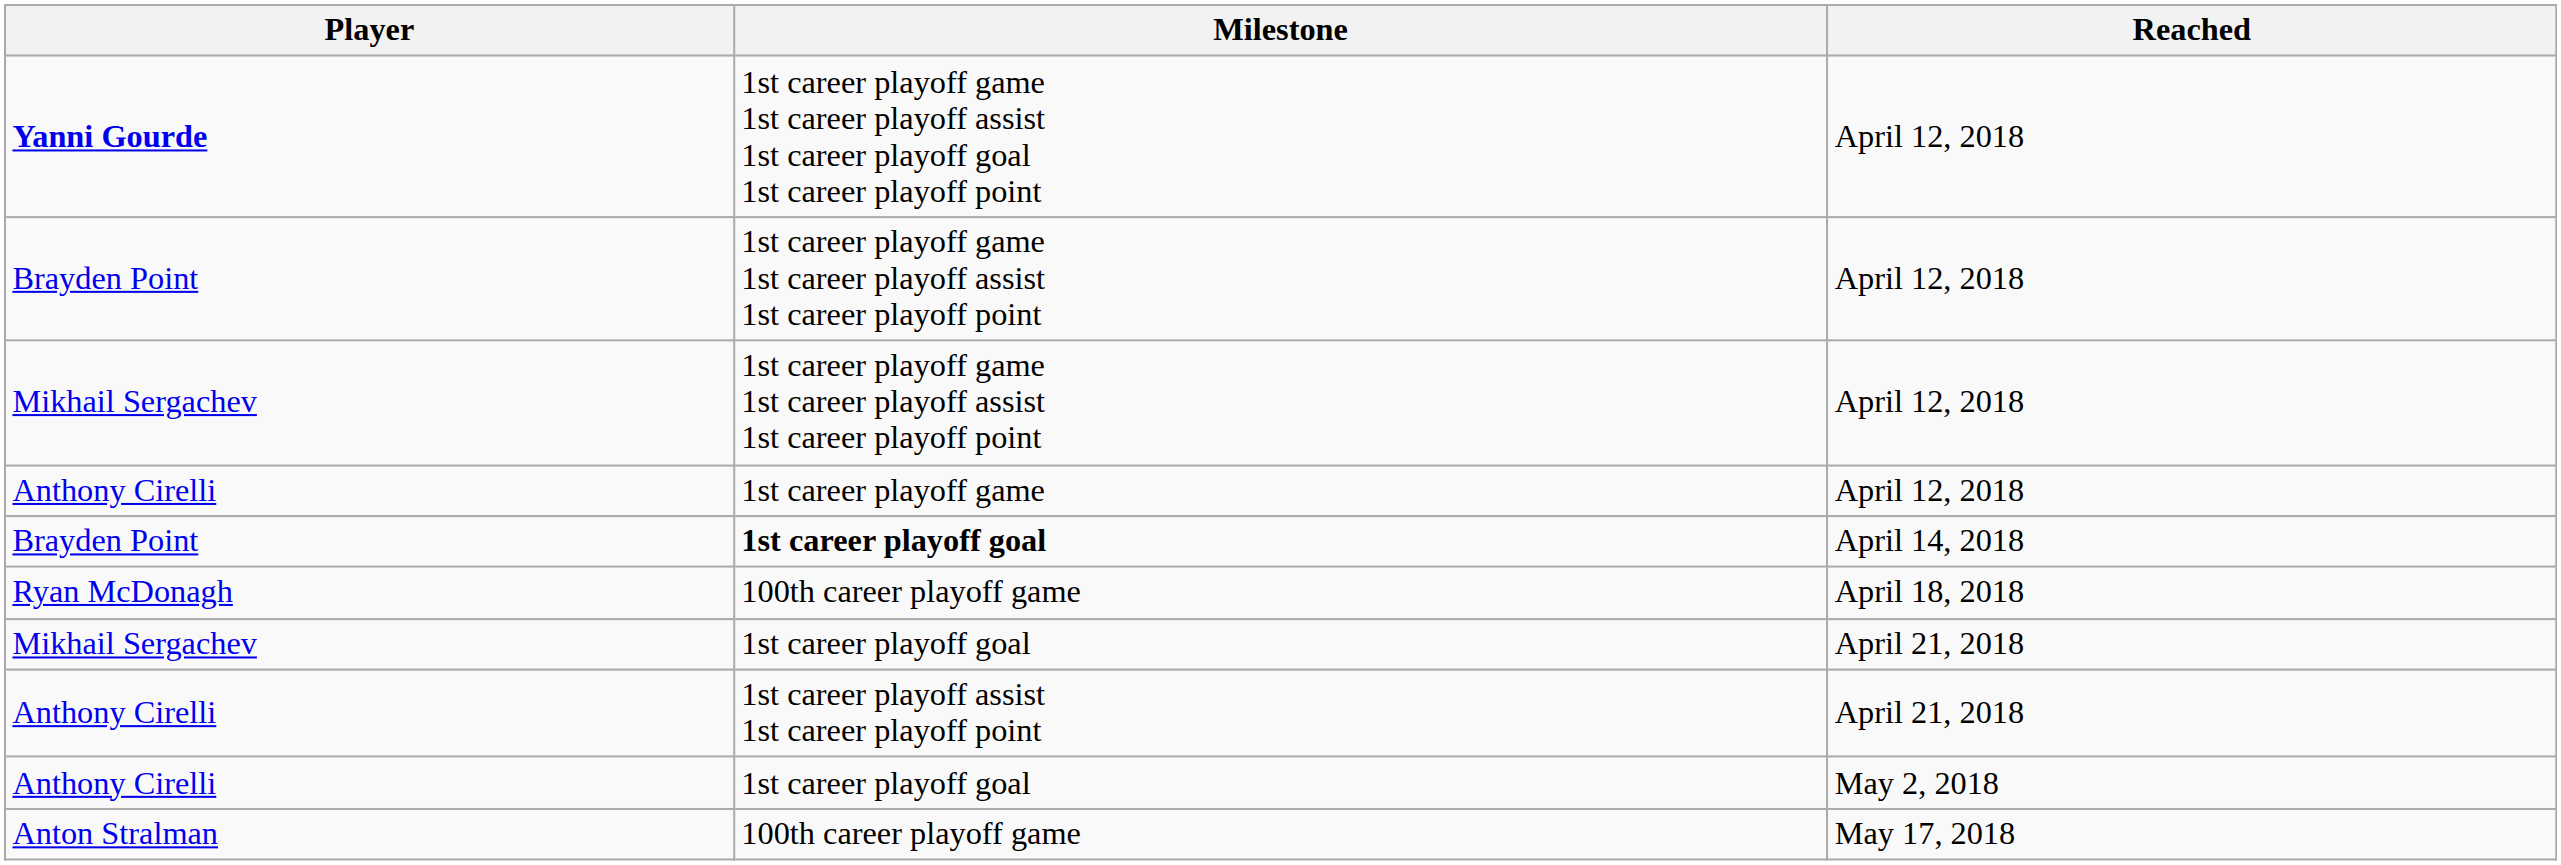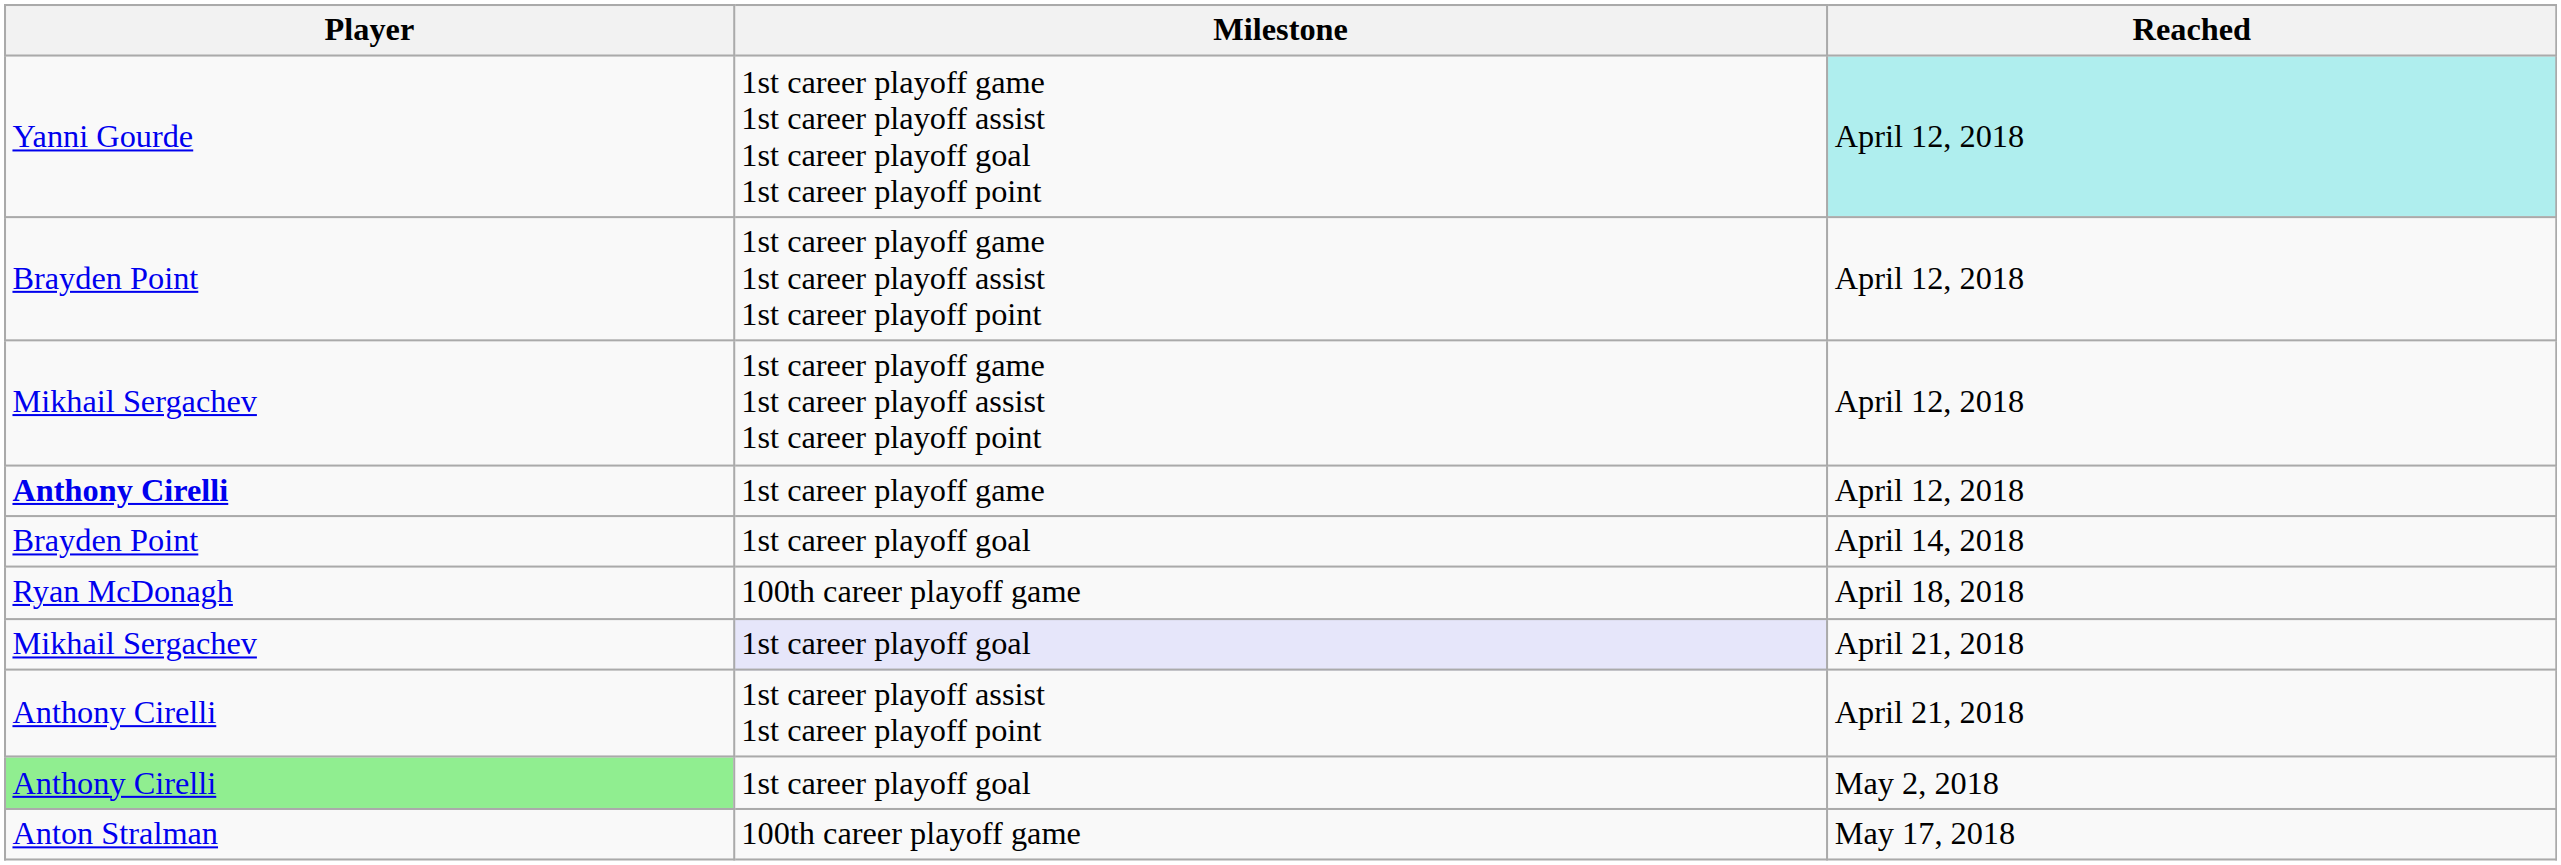 <table class="wikitable sortable" style="width:100%;">
 <tr align=center>
 <th style="width:20%;">Player</th>
 <th style="width:30%;">Milestone</th>
 <th style="width:20%;" data-sort-type="date">Reached</th>
 </tr>
 <tr>
-<td><strong><a href='#'>Yanni Gourde</a></strong></td>
+<td><a href='#'>Yanni Gourde</a></td>
 <td>1st career playoff game<br>1st career playoff assist<br>1st career playoff goal<br>1st career playoff point</td>
-<td>April 12, 2018</td>
+<td style="background: paleturquoise;">April 12, 2018</td>
 </tr>
 <tr>
 <td><a href='#'>Brayden Point</a></td>
 <td>1st career playoff game<br>1st career playoff assist<br>1st career playoff point</td>
 <td>April 12, 2018</td>
 </tr>
 <tr>
 <td><a href='#'>Mikhail Sergachev</a></td>
 <td>1st career playoff game<br>1st career playoff assist<br>1st career playoff point</td>
 <td>April 12, 2018</td>
 </tr>
 <tr>
-<td><a href='#'>Anthony Cirelli</a></td>
+<td><strong><a href='#'>Anthony Cirelli</a></strong></td>
 <td>1st career playoff game</td>
 <td>April 12, 2018</td>
 </tr>
 <tr>
 <td><a href='#'>Brayden Point</a></td>
-<td><strong>1st career playoff goal</strong></td>
+<td>1st career playoff goal</td>
 <td>April 14, 2018</td>
 </tr>
 <tr>
 <td><a href='#'>Ryan McDonagh</a></td>
 <td>100th career playoff game</td>
 <td>April 18, 2018</td>
 </tr>
 <tr>
 <td><a href='#'>Mikhail Sergachev</a></td>
-<td>1st career playoff goal</td>
+<td style="background: lavender;">1st career playoff goal</td>
 <td>April 21, 2018</td>
 </tr>
 <tr>
 <td><a href='#'>Anthony Cirelli</a></td>
 <td>1st career playoff assist<br>1st career playoff point</td>
 <td>April 21, 2018</td>
 </tr>
 <tr>
-<td><a href='#'>Anthony Cirelli</a></td>
+<td style="background: lightgreen;"><a href='#'>Anthony Cirelli</a></td>
 <td>1st career playoff goal</td>
 <td>May 2, 2018</td>
 </tr>
 <tr>
 <td><a href='#'>Anton Stralman</a></td>
 <td>100th career playoff game</td>
 <td>May 17, 2018</td>
 </tr>
 </table>
